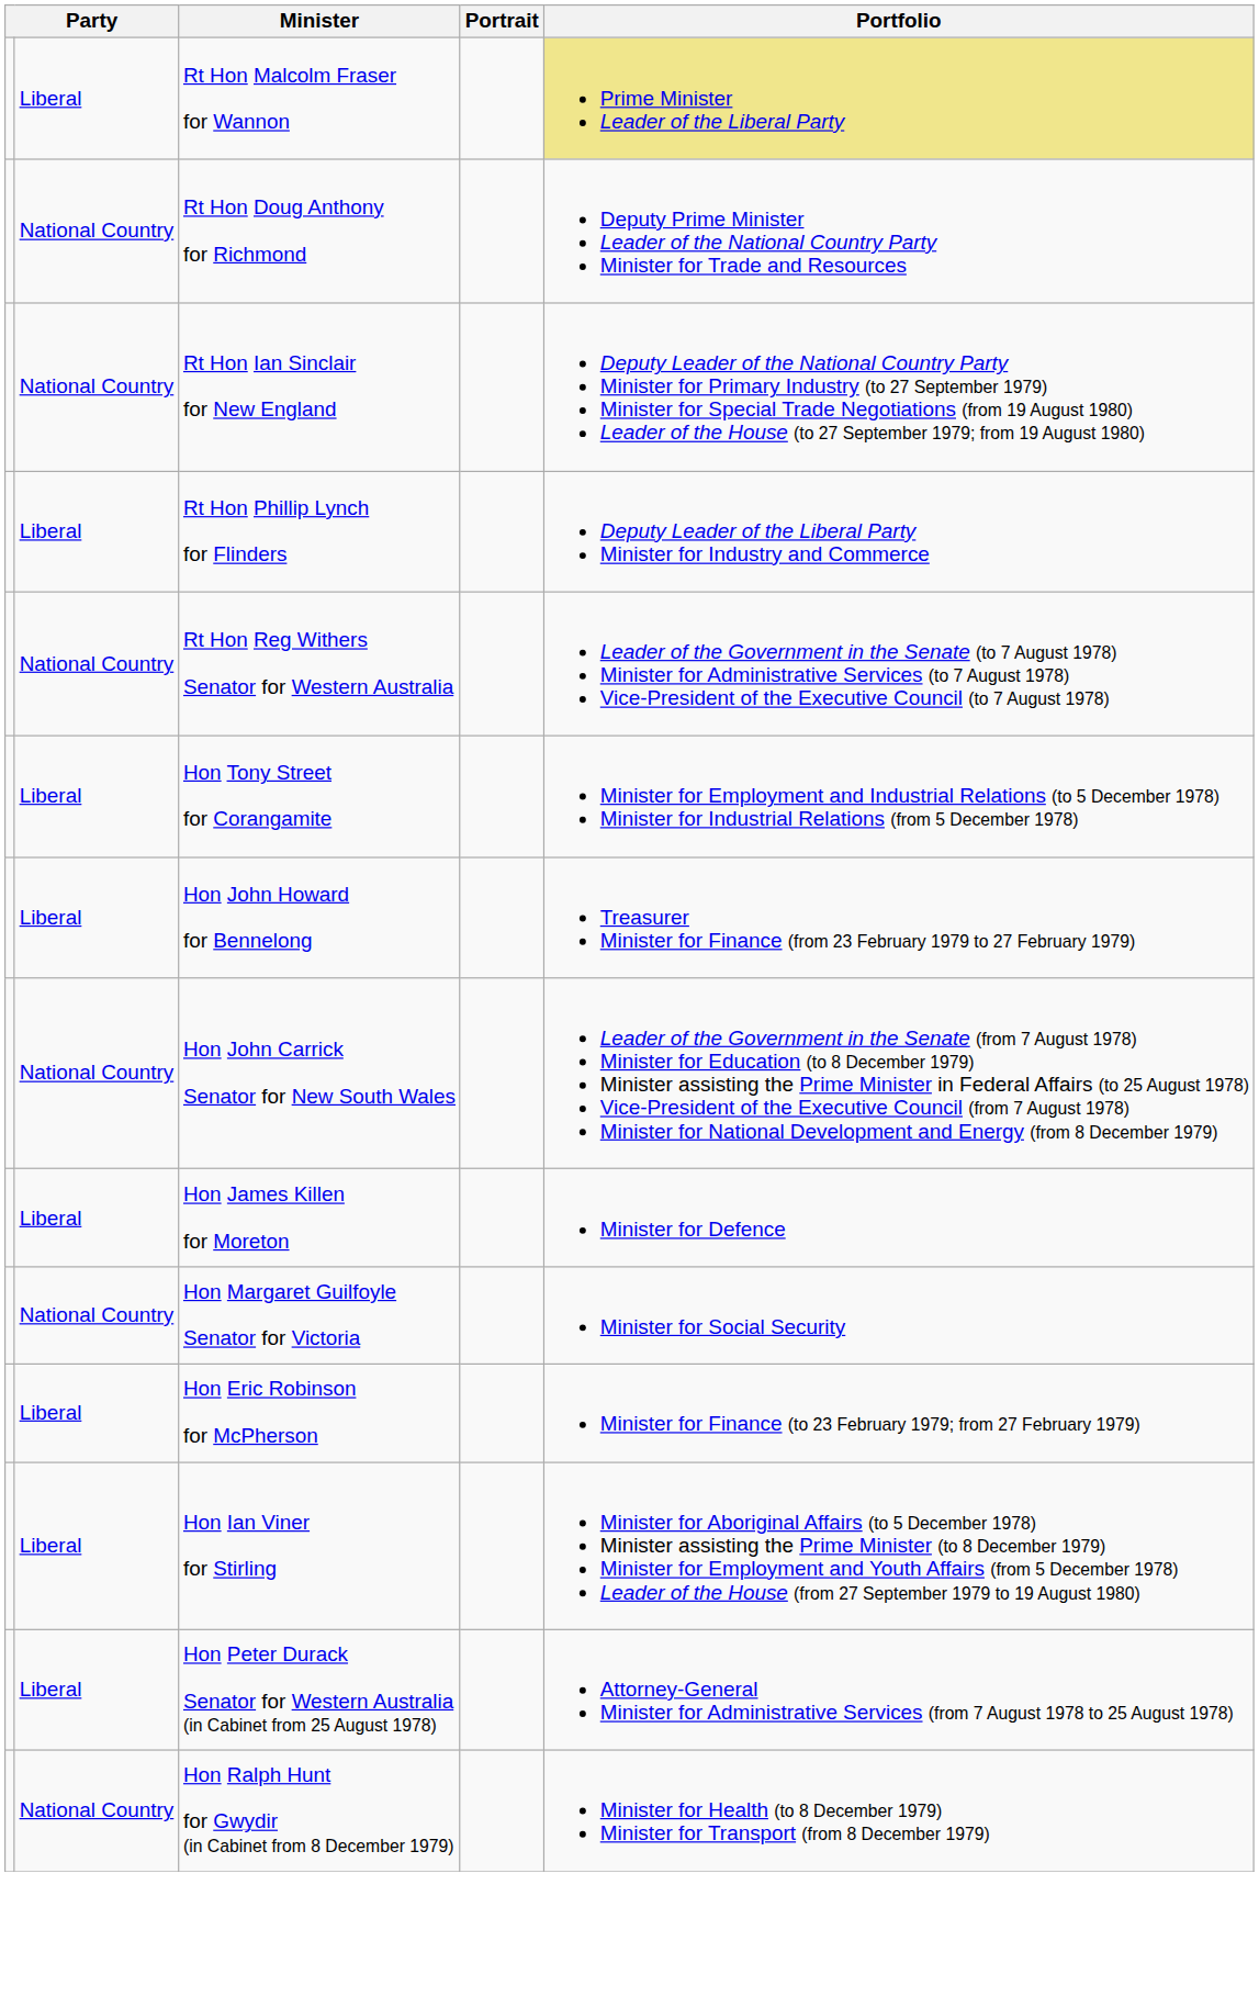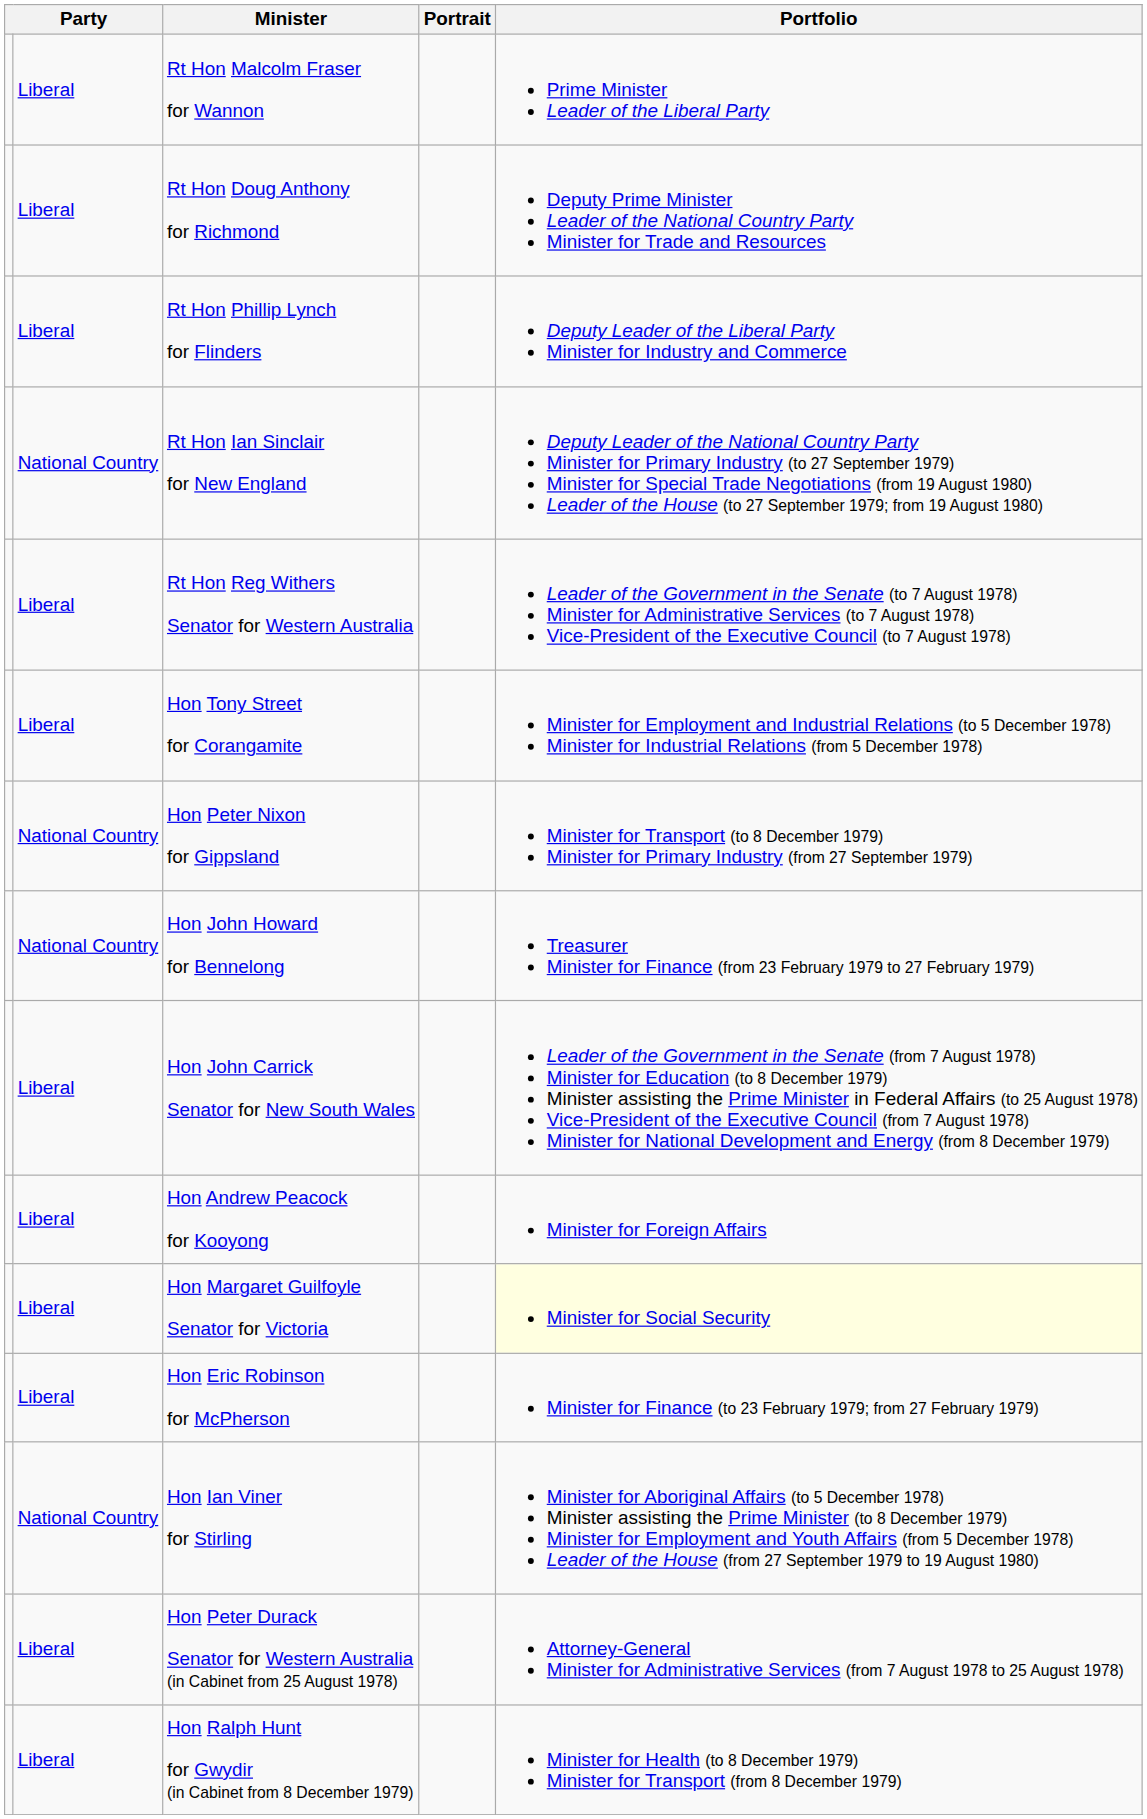 <table class="wikitable sortable">
 <tr>
 <th colspan="2">Party</th>
 <th>Minister</th>
 <th>Portrait</th>
 <th>Portfolio</th>
 </tr>
 <tr>
 <td></td>
 <td><a href='#'>Liberal</a></td>
 <td><a href='#'>Rt Hon</a> <a href='#'>Malcolm Fraser</a>  <br><br> for <a href='#'>Wannon</a> <br></td>
 <td></td>
-<td style="background: khaki;"><br><ul><li><a href='#'>Prime Minister</a></li><li><em><a href='#'>Leader of the Liberal Party</a></em></li></ul></td>
+<td><br><ul><li><a href='#'>Prime Minister</a></li><li><em><a href='#'>Leader of the Liberal Party</a></em></li></ul></td>
 </tr>
 <tr>
 <td></td>
-<td><a href='#'>National Country</a></td>
+<td><a href='#'>Liberal</a></td>
 <td><a href='#'>Rt Hon</a> <a href='#'>Doug Anthony</a> <br><br> for <a href='#'>Richmond</a> <br></td>
 <td></td>
 <td><br><ul><li><a href='#'>Deputy Prime Minister</a></li><li><em><a href='#'>Leader of the National Country Party</a></em></li><li><a href='#'>Minister for Trade and Resources</a></li></ul></td>
+</tr>
+<tr>
+<td></td>
+<td><a href='#'>Liberal</a></td>
+<td><a href='#'>Rt Hon</a> <a href='#'>Phillip Lynch</a> <br><br> for <a href='#'>Flinders</a> <br></td>
+<td></td>
+<td><br><ul><li><em><a href='#'>Deputy Leader of the Liberal Party</a></em></li><li><a href='#'>Minister for Industry and Commerce</a></li></ul></td>
 </tr>
 <tr>
 <td></td>
 <td><a href='#'>National Country</a></td>
 <td><a href='#'>Rt Hon</a> <a href='#'>Ian Sinclair</a> <br><br> for <a href='#'>New England</a> <br></td>
 <td></td>
 <td><br><ul><li><em><a href='#'>Deputy Leader of the National Country Party</a></em></li><li><a href='#'>Minister for Primary Industry</a> <small>(to 27 September 1979)</small></li><li><a href='#'>Minister for Special Trade Negotiations</a> <small>(from 19 August 1980)</small></li><li><em><a href='#'>Leader of the House</a></em> <small>(to 27 September 1979; from 19 August 1980)</small></li></ul></td>
 </tr>
 <tr>
 <td></td>
 <td><a href='#'>Liberal</a></td>
-<td><a href='#'>Rt Hon</a> <a href='#'>Phillip Lynch</a> <br><br> for <a href='#'>Flinders</a> <br></td>
-<td></td>
-<td><br><ul><li><em><a href='#'>Deputy Leader of the Liberal Party</a></em></li><li><a href='#'>Minister for Industry and Commerce</a></li></ul></td>
-</tr>
-<tr>
-<td></td>
-<td><a href='#'>National Country</a></td>
 <td><a href='#'>Rt Hon</a> <a href='#'>Reg Withers</a> <br><br><a href='#'>Senator</a> for <a href='#'>Western Australia</a> <br></td>
 <td></td>
 <td><br><ul><li><em><a href='#'>Leader of the Government in the Senate</a></em> <small>(to 7 August 1978)</small></li><li><a href='#'>Minister for Administrative Services</a> <small>(to 7 August 1978)</small></li><li><a href='#'>Vice-President of the Executive Council</a> <small>(to 7 August 1978)</small></li></ul></td>
 </tr>
 <tr>
 <td></td>
 <td><a href='#'>Liberal</a></td>
 <td><a href='#'>Hon</a> <a href='#'>Tony Street</a> <br><br> for <a href='#'>Corangamite</a> <br></td>
 <td></td>
 <td><br><ul><li><a href='#'>Minister for Employment and Industrial Relations</a> <small>(to 5 December 1978)</small></li><li><a href='#'>Minister for Industrial Relations</a> <small>(from 5 December 1978)</small></li></ul></td>
 </tr>
 <tr>
 <td></td>
-<td><a href='#'>Liberal</a></td>
+<td><a href='#'>National Country</a></td>
+<td><a href='#'>Hon</a> <a href='#'>Peter Nixon</a> <br><br> for <a href='#'>Gippsland</a> <br></td>
+<td></td>
+<td><br><ul><li><a href='#'>Minister for Transport</a> <small>(to 8 December 1979)</small></li><li><a href='#'>Minister for Primary Industry</a> <small>(from 27 September 1979)</small></li></ul></td>
+</tr>
+<tr>
+<td></td>
+<td><a href='#'>National Country</a></td>
 <td><a href='#'>Hon</a> <a href='#'>John Howard</a> <br><br> for <a href='#'>Bennelong</a> <br></td>
 <td></td>
 <td><br><ul><li><a href='#'>Treasurer</a></li><li><a href='#'>Minister for Finance</a> <small>(from 23 February 1979 to 27 February 1979)</small></li></ul></td>
 </tr>
 <tr>
 <td></td>
-<td><a href='#'>National Country</a></td>
+<td><a href='#'>Liberal</a></td>
 <td><a href='#'>Hon</a> <a href='#'>John Carrick</a> <br><br><a href='#'>Senator</a> for <a href='#'>New South Wales</a> <br></td>
 <td></td>
 <td><br><ul><li><em><a href='#'>Leader of the Government in the Senate</a></em> <small>(from 7 August 1978)</small></li><li><a href='#'>Minister for Education</a> <small>(to 8 December 1979)</small></li><li>Minister assisting the <a href='#'>Prime Minister</a> in Federal Affairs <small>(to 25 August 1978)</small></li><li><a href='#'>Vice-President of the Executive Council</a> <small>(from 7 August 1978)</small></li><li><a href='#'>Minister for National Development and Energy</a> <small>(from 8 December 1979)</small></li></ul></td>
 </tr>
 <tr>
 <td></td>
 <td><a href='#'>Liberal</a></td>
-<td><a href='#'>Hon</a> <a href='#'>James Killen</a> <br><br> for <a href='#'>Moreton</a> <br></td>
+<td><a href='#'>Hon</a> <a href='#'>Andrew Peacock</a> <br><br> for <a href='#'>Kooyong</a> <br></td>
 <td></td>
-<td><br><ul><li><a href='#'>Minister for Defence</a></li></ul></td>
+<td><br><ul><li><a href='#'>Minister for Foreign Affairs</a></li></ul></td>
 </tr>
 <tr>
 <td></td>
-<td><a href='#'>National Country</a></td>
+<td><a href='#'>Liberal</a></td>
 <td><a href='#'>Hon</a> <a href='#'>Margaret Guilfoyle</a> <br><br><a href='#'>Senator</a> for <a href='#'>Victoria</a> <br></td>
 <td></td>
-<td><br><ul><li><a href='#'>Minister for Social Security</a></li></ul></td>
+<td style="background: lightyellow;"><br><ul><li><a href='#'>Minister for Social Security</a></li></ul></td>
 </tr>
 <tr>
 <td></td>
 <td><a href='#'>Liberal</a></td>
 <td><a href='#'>Hon</a> <a href='#'>Eric Robinson</a> <br><br> for <a href='#'>McPherson</a> <br></td>
 <td></td>
 <td><br><ul><li><a href='#'>Minister for Finance</a> <small>(to 23 February 1979; from 27 February 1979)</small></li></ul></td>
 </tr>
 <tr>
 <td></td>
-<td><a href='#'>Liberal</a></td>
+<td><a href='#'>National Country</a></td>
 <td><a href='#'>Hon</a> <a href='#'>Ian Viner</a> <br><br> for <a href='#'>Stirling</a> <br></td>
 <td></td>
 <td><br><ul><li><a href='#'>Minister for Aboriginal Affairs</a> <small>(to 5 December 1978)</small></li><li>Minister assisting the <a href='#'>Prime Minister</a> <small>(to 8 December 1979)</small></li><li><a href='#'>Minister for Employment and Youth Affairs</a> <small>(from 5 December 1978)</small></li><li><em><a href='#'>Leader of the House</a></em> <small>(from 27 September 1979 to 19 August 1980)</small></li></ul></td>
 </tr>
 <tr>
 <td></td>
 <td><a href='#'>Liberal</a></td>
 <td><a href='#'>Hon</a> <a href='#'>Peter Durack</a>  <br><br><a href='#'>Senator</a> for <a href='#'>Western Australia</a> <br> <small>(in Cabinet from 25 August 1978)</small></td>
 <td></td>
 <td><br><ul><li><a href='#'>Attorney-General</a></li><li><a href='#'>Minister for Administrative Services</a> <small>(from 7 August 1978 to 25 August 1978)</small></li></ul></td>
 </tr>
 <tr>
 <td></td>
-<td><a href='#'>National Country</a></td>
+<td><a href='#'>Liberal</a></td>
 <td><a href='#'>Hon</a> <a href='#'>Ralph Hunt</a> <br><br> for <a href='#'>Gwydir</a> <br> <small>(in Cabinet from 8 December 1979)</small></td>
 <td></td>
 <td><br><ul><li><a href='#'>Minister for Health</a> <small>(to 8 December 1979)</small></li><li><a href='#'>Minister for Transport</a> <small>(from 8 December 1979)</small></li></ul></td>
 </tr>
 </table>
